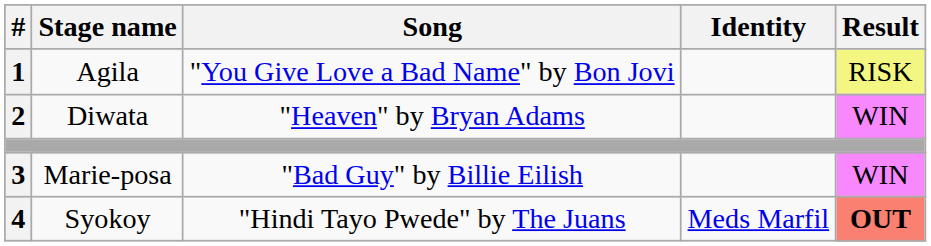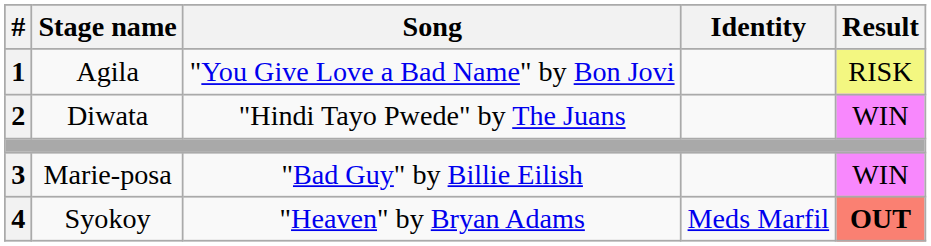 <table class="wikitable" style="text-align: center;">
 <tr>
 <th>#</th>
 <th>Stage name</th>
 <th>Song</th>
 <th>Identity</th>
 <th>Result</th>
 </tr>
 <tr>
 <th>1</th>
 <td>Agila</td>
 <td>"<a href='#'>You Give Love a Bad Name</a>" by <a href='#'>Bon Jovi</a></td>
 <td></td>
 <td style="background:#F3F781;">RISK</td>
 </tr>
 <tr>
 <th>2</th>
 <td>Diwata</td>
-<td>"<a href='#'>Heaven</a>" by <a href='#'>Bryan Adams</a></td>
+<td>"Hindi Tayo Pwede" by <a href='#'>The Juans</a></td>
 <td></td>
 <td style="background:#F888FD;">WIN</td>
 </tr>
 <tr>
 <td colspan="5" style="background:darkgray"></td>
 </tr>
 <tr>
 <th>3</th>
 <td>Marie-posa</td>
 <td>"<a href='#'>Bad Guy</a>" by <a href='#'>Billie Eilish</a></td>
 <td></td>
 <td style="background:#F888FD;">WIN</td>
 </tr>
 <tr>
 <th>4</th>
 <td>Syokoy</td>
-<td>"Hindi Tayo Pwede" by <a href='#'>The Juans</a></td>
+<td>"<a href='#'>Heaven</a>" by <a href='#'>Bryan Adams</a></td>
 <td><a href='#'>Meds Marfil</a></td>
 <td style="background:salmon;"><strong>OUT</strong></td>
 </tr>
 </table>
